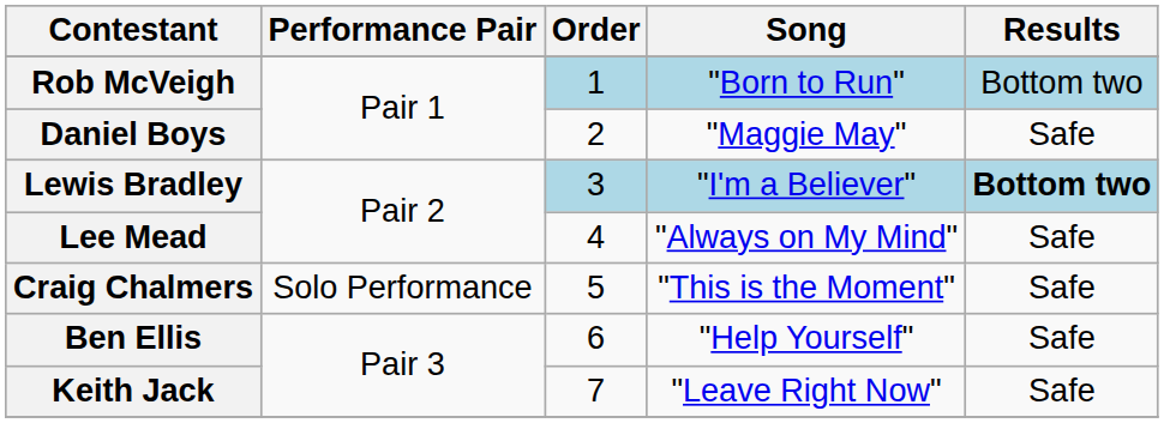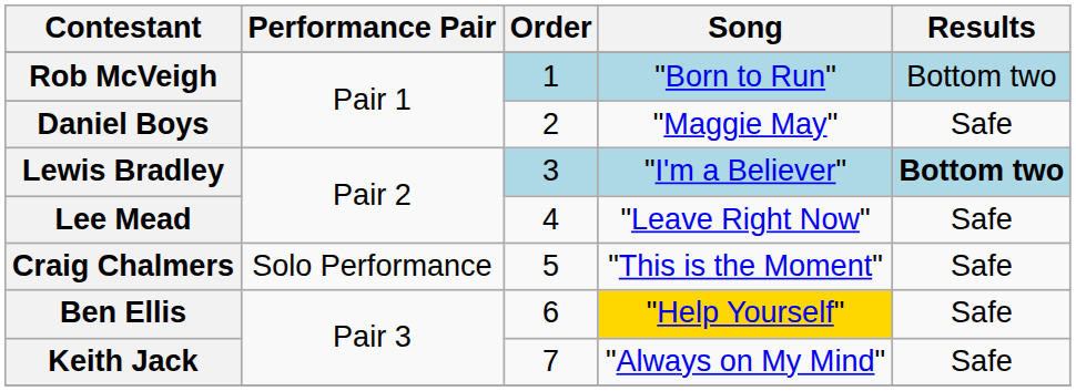 <table class="wikitable plainrowheaders" style="text-align:center;">
 <tr>
 <th scope="col">Contestant</th>
 <th scope="col">Performance Pair</th>
 <th scope="col">Order</th>
 <th scope="col">Song</th>
 <th scope="col">Results</th>
 </tr>
 <tr>
 </tr>
 <tr>
 <th scope="row">Rob McVeigh</th>
 <td rowspan="2">Pair 1</td>
 <td style="background:lightblue;">1</td>
 <td style="background:lightblue;">"<a href='#'>Born to Run</a>"</td>
 <td style="background:lightblue;">Bottom two</td>
 </tr>
 <tr>
 <th scope="row">Daniel Boys</th>
 <td>2</td>
 <td>"<a href='#'>Maggie May</a>"</td>
 <td>Safe</td>
 </tr>
 <tr>
 <th scope="row">Lewis Bradley</th>
 <td rowspan="2">Pair 2</td>
 <td style="background:lightblue;">3</td>
 <td style="background:lightblue;">"<a href='#'>I'm a Believer</a>"</td>
 <td style="background:lightblue;"><strong>Bottom two</strong></td>
 </tr>
 <tr>
 <th scope="row">Lee Mead</th>
 <td>4</td>
-<td>"<a href='#'>Always on My Mind</a>"</td>
+<td>"<a href='#'>Leave Right Now</a>"</td>
 <td>Safe</td>
 </tr>
 <tr>
 <th scope="row">Craig Chalmers</th>
 <td rowspan="1">Solo Performance</td>
 <td>5</td>
 <td>"<a href='#'>This is the Moment</a>"</td>
 <td>Safe</td>
 </tr>
 <tr>
 <th scope="row">Ben Ellis</th>
 <td rowspan="2">Pair 3</td>
 <td>6</td>
-<td>"<a href='#'>Help Yourself</a>"</td>
+<td style="background: gold;">"<a href='#'>Help Yourself</a>"</td>
 <td>Safe</td>
 </tr>
 <tr>
 <th scope="row">Keith Jack</th>
 <td>7</td>
-<td>"<a href='#'>Leave Right Now</a>"</td>
+<td>"<a href='#'>Always on My Mind</a>"</td>
 <td>Safe</td>
 </tr>
 <tr>
 </tr>
 </table>
